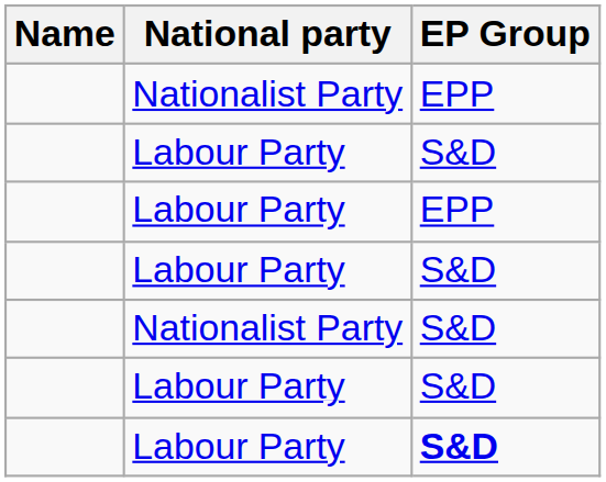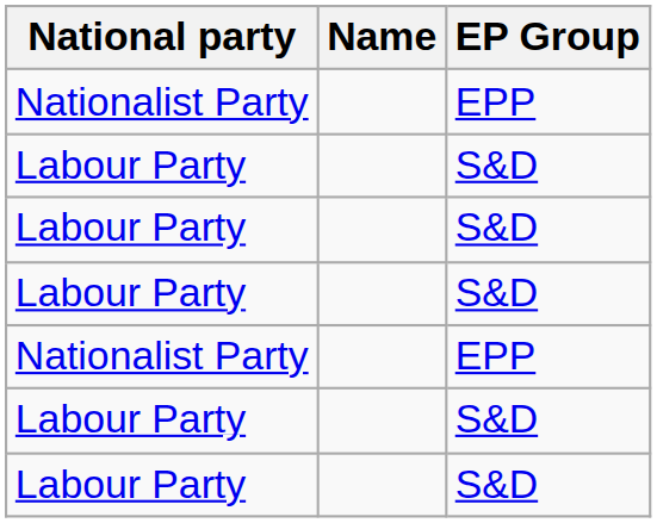 <table class="sortable wikitable">
 <tr>
+<th>National party</th>
 <th>Name</th>
-<th>National party</th>
 <th>EP Group</th>
 </tr>
 <tr>
+<td> <a href='#'>Nationalist Party</a></td>
 <td></td>
-<td> <a href='#'>Nationalist Party</a></td>
 <td> <a href='#'>EPP</a></td>
 </tr>
 <tr>
+<td> <a href='#'>Labour Party</a></td>
 <td></td>
-<td> <a href='#'>Labour Party</a></td>
 <td> <a href='#'>S&D</a></td>
 </tr>
 <tr>
+<td> <a href='#'>Labour Party</a></td>
 <td></td>
+<td> <a href='#'>S&D</a></td>
+</tr>
+<tr>
 <td> <a href='#'>Labour Party</a></td>
+<td></td>
+<td> <a href='#'>S&D</a></td>
+</tr>
+<tr>
+<td> <a href='#'>Nationalist Party</a></td>
+<td></td>
 <td> <a href='#'>EPP</a></td>
 </tr>
 <tr>
+<td> <a href='#'>Labour Party</a></td>
 <td></td>
-<td> <a href='#'>Labour Party</a></td>
 <td> <a href='#'>S&D</a></td>
 </tr>
 <tr>
+<td> <a href='#'>Labour Party</a></td>
 <td></td>
-<td> <a href='#'>Nationalist Party</a></td>
 <td> <a href='#'>S&D</a></td>
 </tr>
-<tr>
-<td></td>
-<td> <a href='#'>Labour Party</a></td>
-<td> <a href='#'>S&D</a></td>
-</tr>
-<tr>
-<td></td>
-<td> <a href='#'>Labour Party</a></td>
-<td><strong> <a href='#'>S&D</a></strong></td>
-</tr>
 </table>
